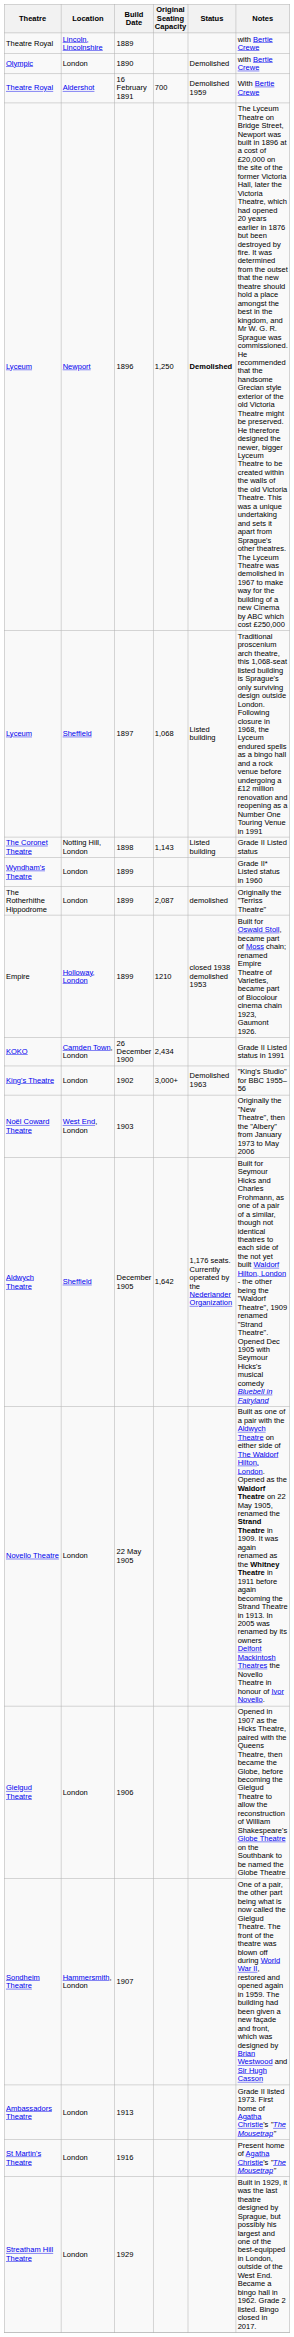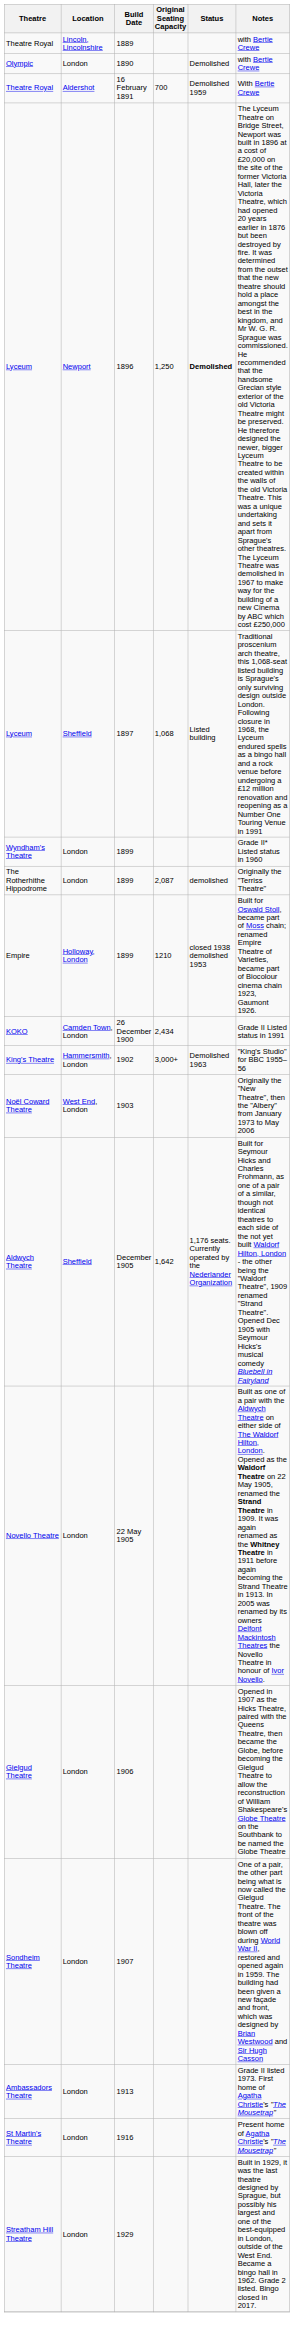 <table class="wikitable">
 <tr>
 <th width="170" align=center>Theatre</th>
 <th width="120" align=center>Location</th>
 <th align=center>Build Date</th>
 <th align=center>Original Seating Capacity</th>
 <th width="110" align=center>Status</th>
 <th align=center>Notes</th>
 </tr>
 <tr>
 <td>Theatre Royal</td>
 <td><a href='#'>Lincoln, Lincolnshire</a></td>
 <td>1889</td>
 <td></td>
 <td></td>
 <td>with <a href='#'>Bertie Crewe</a></td>
 </tr>
 <tr>
 <td><a href='#'>Olympic</a></td>
 <td>London</td>
 <td>1890</td>
 <td></td>
 <td>Demolished</td>
 <td>with <a href='#'>Bertie Crewe</a></td>
 </tr>
 <tr>
 <td><a href='#'>Theatre Royal</a></td>
 <td><a href='#'>Aldershot</a></td>
 <td>16 February 1891</td>
 <td>700</td>
 <td>Demolished 1959</td>
 <td>With <a href='#'>Bertie Crewe</a></td>
 </tr>
 <tr>
 <td><a href='#'>Lyceum</a></td>
 <td><a href='#'>Newport</a></td>
 <td>1896</td>
 <td>1,250</td>
 <td><strong>Demolished</strong></td>
 <td>The Lyceum Theatre on Bridge Street, Newport was built in 1896 at a cost of £20,000 on the site of the former Victoria Hall, later the Victoria Theatre, which had opened 20 years earlier in 1876 but been destroyed by fire. It was determined from the outset that the new theatre should hold a place amongst the best in the kingdom, and Mr W. G. R. Sprague was commissioned. He recommended that the handsome Grecian style exterior of the old Victoria Theatre might be preserved. He therefore designed the newer, bigger Lyceum Theatre to be created within the walls of the old Victoria Theatre. This was a unique undertaking and sets it apart from Sprague's other theatres. The Lyceum Theatre was demolished in 1967 to make way for the building of a new Cinema by ABC which cost £250,000</td>
 </tr>
 <tr>
 <td><a href='#'>Lyceum</a></td>
 <td><a href='#'>Sheffield</a></td>
 <td>1897</td>
 <td>1,068</td>
 <td>Listed building</td>
 <td>Traditional proscenium arch theatre, this 1,068-seat listed building is Sprague's only surviving design outside London. Following closure in 1968, the Lyceum endured spells as a bingo hall and a rock venue before undergoing a £12 million renovation and reopening as a Number One Touring Venue in 1991 </td>
 </tr>
 <tr>
-<td><a href='#'>The Coronet Theatre</a></td>
-<td>Notting Hill, London</td>
-<td>1898</td>
-<td>1,143</td>
-<td>Listed building</td>
-<td>Grade II Listed status</td>
-</tr>
-<tr>
 <td><a href='#'>Wyndham's Theatre</a></td>
 <td>London</td>
 <td>1899</td>
 <td></td>
 <td></td>
 <td>Grade II* Listed status in 1960</td>
 </tr>
 <tr>
 <td>The Rotherhithe Hippodrome</td>
 <td>London</td>
 <td>1899</td>
 <td>2,087</td>
 <td>demolished</td>
 <td>Originally the "Terriss Theatre" </td>
 </tr>
 <tr>
 <td>Empire</td>
 <td><a href='#'>Holloway, London</a></td>
 <td>1899</td>
 <td>1210</td>
 <td>closed 1938 demolished 1953</td>
 <td>Built for <a href='#'>Oswald Stoll</a>, became part of <a href='#'>Moss</a> chain; renamed Empire Theatre of Varieties, became part of Biocolour cinema chain 1923, Gaumont 1926.</td>
 </tr>
 <tr>
 <td><a href='#'>KOKO</a></td>
 <td><a href='#'>Camden Town</a>, London</td>
 <td>26 December 1900</td>
 <td>2,434</td>
 <td></td>
 <td>Grade II Listed status in 1991</td>
 </tr>
 <tr>
 <td><a href='#'>King's Theatre</a></td>
-<td>London</td>
+<td><a href='#'>Hammersmith</a>, London</td>
 <td>1902</td>
 <td>3,000+</td>
 <td>Demolished 1963</td>
 <td>"King's Studio" for BBC 1955–56</td>
 </tr>
 <tr>
 <td><a href='#'>Noël Coward Theatre</a></td>
 <td><a href='#'>West End</a>, London</td>
 <td>1903</td>
 <td></td>
 <td></td>
 <td>Originally the "New Theatre", then the "Albery" from January 1973 to May 2006</td>
 </tr>
 <tr>
 <td><a href='#'>Aldwych Theatre</a></td>
 <td><a href='#'>Sheffield</a></td>
 <td>December 1905</td>
 <td>1,642</td>
 <td>1,176 seats. Currently operated by the <a href='#'>Nederlander Organization</a></td>
 <td>Built for Seymour Hicks and Charles Frohmann, as one of a pair of a similar, though not identical theatres to each side of the not yet built <a href='#'>Waldorf Hilton, London</a> - the other being the "Waldorf Theatre", 1909 renamed "Strand Theatre". Opened Dec 1905 with Seymour Hicks's musical comedy <em><a href='#'>Bluebell in Fairyland</a></em></td>
 </tr>
 <tr>
 <td><a href='#'>Novello Theatre</a></td>
 <td>London</td>
 <td>22 May 1905</td>
 <td></td>
 <td></td>
 <td>Built as one of a pair with the <a href='#'>Aldwych Theatre</a> on either side of <a href='#'>The Waldorf Hilton, London</a>. Opened as the <strong>Waldorf Theatre</strong> on 22 May 1905, renamed the <strong>Strand Theatre</strong> in 1909. It was again renamed as the <strong>Whitney Theatre</strong> in 1911 before again becoming the Strand Theatre in 1913.  In 2005 was renamed by its owners <a href='#'>Delfont Mackintosh Theatres</a> the Novello Theatre in honour of <a href='#'>Ivor Novello</a>.</td>
 </tr>
 <tr>
 <td><a href='#'>Gielgud Theatre</a></td>
 <td>London</td>
 <td>1906</td>
 <td></td>
 <td></td>
 <td>Opened in 1907 as the Hicks Theatre, paired with the Queens Theatre, then became the Globe, before becoming the Gielgud Theatre to allow the reconstruction of William Shakespeare's <a href='#'>Globe Theatre</a> on the Southbank to be named the Globe Theatre </td>
 </tr>
 <tr>
 <td><a href='#'>Sondheim Theatre</a></td>
-<td><a href='#'>Hammersmith</a>, London</td>
+<td>London</td>
 <td>1907</td>
 <td></td>
 <td></td>
 <td>One of a pair, the other part being what is now called the Gielgud Theatre. The front of the theatre was blown off during <a href='#'>World War II</a>, restored and opened again in 1959. The building had been given a new façade and front, which was designed by <a href='#'>Brian Westwood</a> and <a href='#'>Sir Hugh Casson</a></td>
 </tr>
 <tr>
 <td><a href='#'>Ambassadors Theatre</a></td>
 <td>London</td>
 <td>1913</td>
 <td></td>
 <td></td>
 <td>Grade II listed 1973. First home of <a href='#'>Agatha Christie</a>'s <em>"<a href='#'>The Mousetrap</a>"</em></td>
 </tr>
 <tr>
 <td><a href='#'>St Martin's Theatre</a></td>
 <td>London</td>
 <td>1916</td>
 <td></td>
 <td></td>
 <td>Present home of <a href='#'>Agatha Christie</a>'s <em>"<a href='#'>The Mousetrap</a>"</em></td>
 </tr>
 <tr>
 <td><a href='#'>Streatham Hill Theatre</a></td>
 <td>London</td>
 <td>1929</td>
 <td></td>
 <td></td>
 <td>Built in 1929, it was the last theatre designed by Sprague, but possibly his largest and one of the best-equipped in London, outside of the West End. Became a bingo hall in 1962. Grade 2 listed. Bingo closed in 2017.</td>
 </tr>
 <tr>
 </tr>
 </table>
